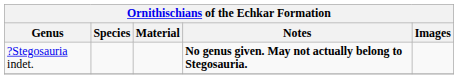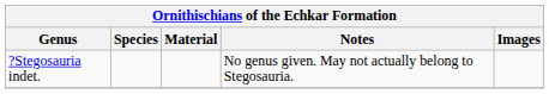 <table class="wikitable" align="center">
 <tr>
 <th colspan="5" align="center"><strong><a href='#'>Ornithischians</a></strong> of the Echkar Formation</th>
 </tr>
 <tr>
 <th>Genus</th>
 <th>Species</th>
 <th>Material</th>
 <th>Notes</th>
 <th>Images</th>
 </tr>
 <tr>
 <td><a href='#'>?Stegosauria</a> indet.</td>
 <td></td>
 <td></td>
-<td><strong>No genus given. May not actually belong to Stegosauria.</strong></td>
+<td>No genus given. May not actually belong to Stegosauria.</td>
 <td></td>
 </tr>
 <tr>
 </tr>
 </table>
